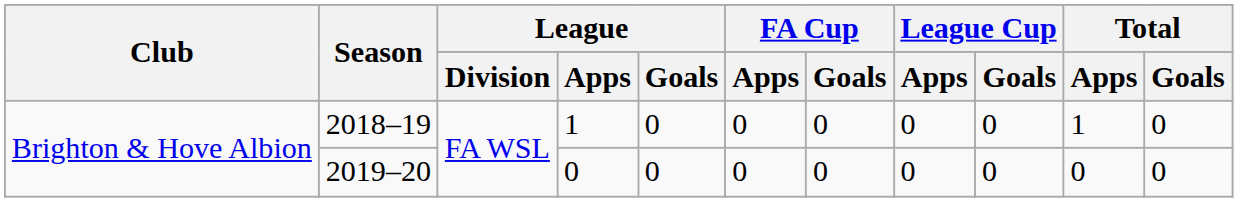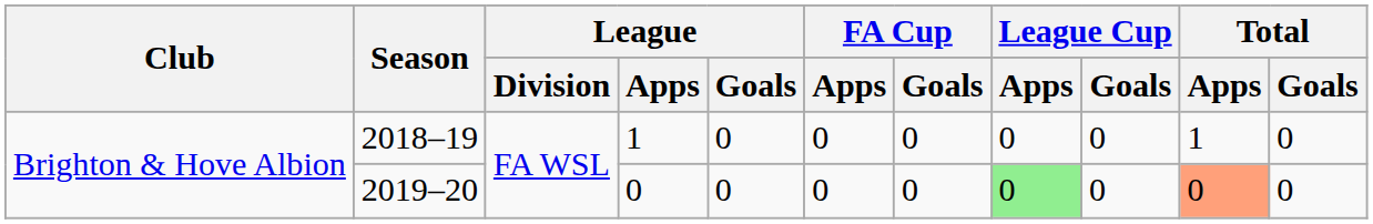 <table class="wikitable">
 <tr>
 <th rowspan="2">Club</th>
 <th rowspan="2">Season</th>
 <th colspan="3">League</th>
 <th colspan="2"><a href='#'>FA Cup</a></th>
 <th colspan="2"><a href='#'>League Cup</a></th>
 <th colspan="2">Total</th>
 </tr>
 <tr>
 <th>Division</th>
 <th>Apps</th>
 <th>Goals</th>
 <th>Apps</th>
 <th>Goals</th>
 <th>Apps</th>
 <th>Goals</th>
 <th>Apps</th>
 <th>Goals</th>
 </tr>
 <tr>
 <td rowspan="2"><a href='#'>Brighton & Hove Albion</a></td>
 <td>2018–19</td>
 <td rowspan="2"><a href='#'>FA WSL</a></td>
 <td>1</td>
 <td>0</td>
 <td>0</td>
 <td>0</td>
 <td>0</td>
 <td>0</td>
 <td>1</td>
 <td>0</td>
 </tr>
 <tr>
 <td>2019–20</td>
 <td>0</td>
 <td>0</td>
 <td>0</td>
 <td>0</td>
+<td style="background: lightgreen;">0</td>
 <td>0</td>
-<td>0</td>
-<td>0</td>
+<td style="background: lightsalmon;">0</td>
 <td>0</td>
 </tr>
 </table>
